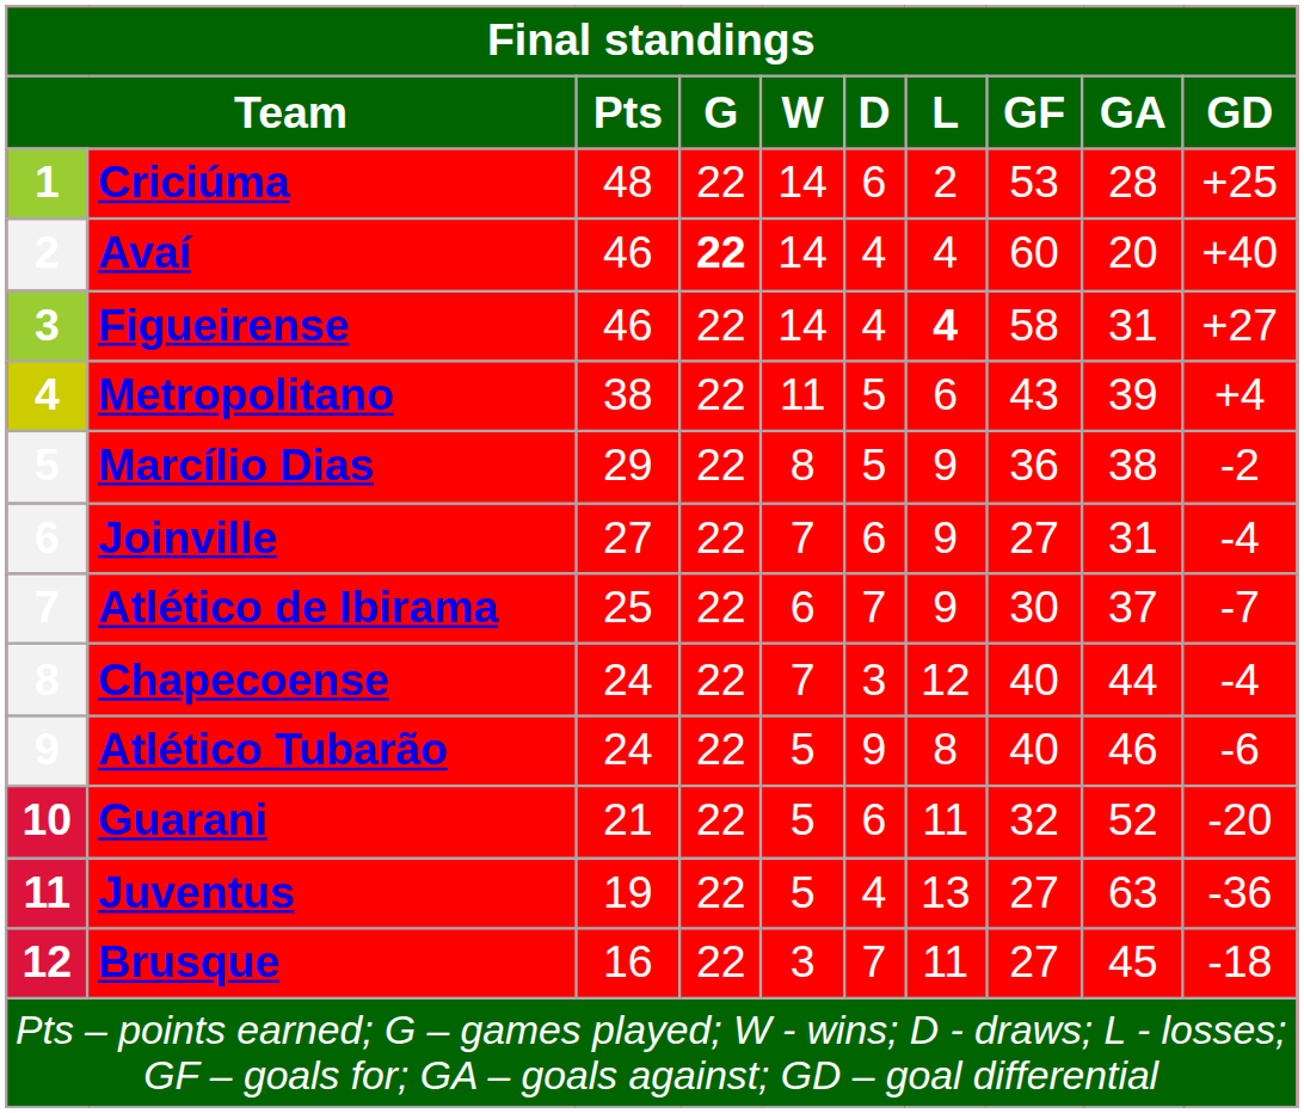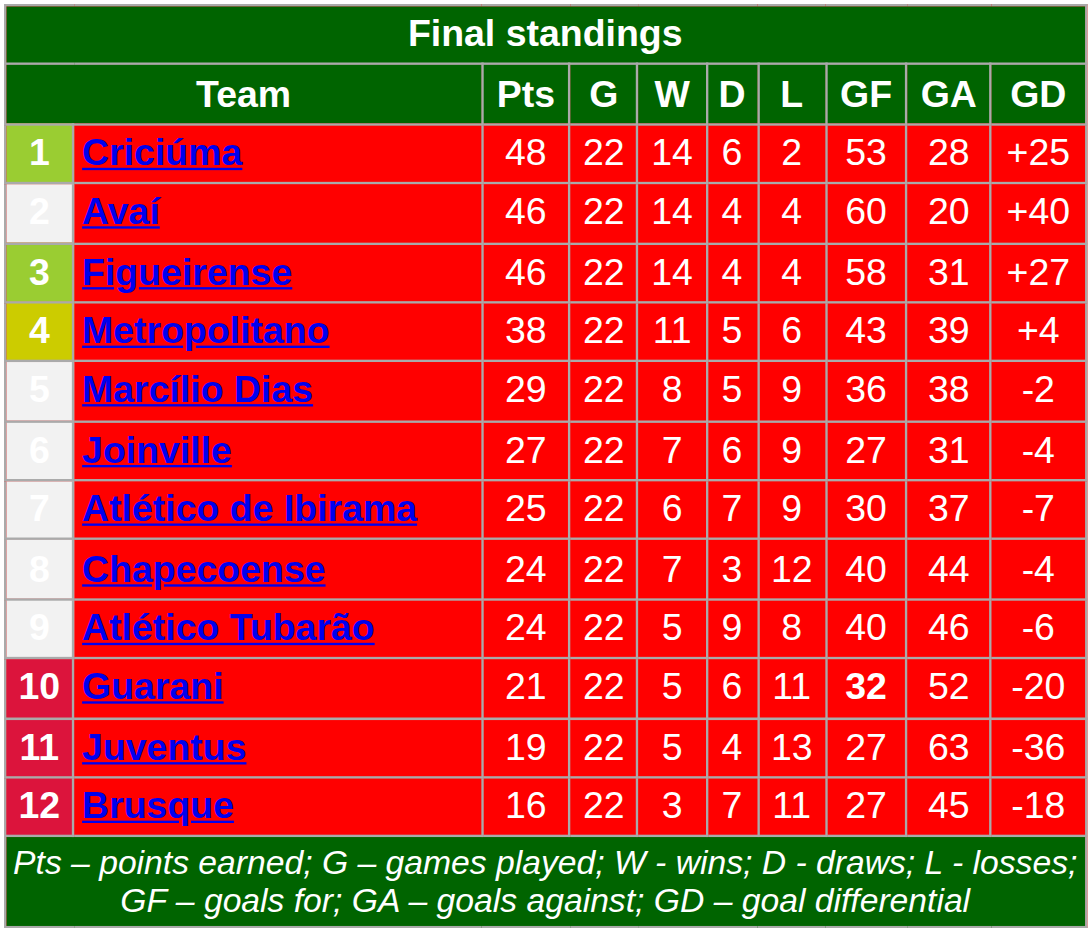 <table class="wikitable" style="text-align:center; color:#ffffff; background:#ff0000">
 <tr>
 <th style="background:#006400" colspan="10">Final standings</th>
 </tr>
 <tr>
 <th style="background:#006400" colspan="2">Team</th>
 <th style="background:#006400">Pts</th>
 <th style="background:#006400">G</th>
 <th style="background:#006400">W</th>
 <th style="background:#006400">D</th>
 <th style="background:#006400">L</th>
 <th style="background:#006400">GF</th>
 <th style="background:#006400">GA</th>
 <th style="background:#006400">GD</th>
 </tr>
 <tr>
 <th style="background:#9acd32">1</th>
 <td align=left><strong><a href='#'><span>Criciúma</span></a></strong></td>
 <td>48</td>
 <td>22</td>
 <td>14</td>
 <td>6</td>
 <td>2</td>
 <td>53</td>
 <td>28</td>
 <td>+25</td>
 </tr>
 <tr>
 <th>2</th>
 <td align=left><strong><a href='#'><span>Avaí</span></a></strong></td>
 <td>46</td>
-<td><strong>22</strong></td>
+<td>22</td>
 <td>14</td>
 <td>4</td>
 <td>4</td>
 <td>60</td>
 <td>20</td>
 <td>+40</td>
 </tr>
 <tr>
 <th style="background:#9acd32">3</th>
 <td align=left><strong><a href='#'><span>Figueirense</span></a></strong></td>
 <td>46</td>
 <td>22</td>
 <td>14</td>
 <td>4</td>
-<td><strong>4</strong></td>
+<td>4</td>
 <td>58</td>
 <td>31</td>
 <td>+27</td>
 </tr>
 <tr>
 <th style="background:#CCCC00">4</th>
 <td align=left><strong><a href='#'><span>Metropolitano</span></a></strong></td>
 <td>38</td>
 <td>22</td>
 <td>11</td>
 <td>5</td>
 <td>6</td>
 <td>43</td>
 <td>39</td>
 <td>+4</td>
 </tr>
 <tr>
 <th>5</th>
 <td align=left><strong><a href='#'><span>Marcílio Dias</span></a></strong></td>
 <td>29</td>
 <td>22</td>
 <td>8</td>
 <td>5</td>
 <td>9</td>
 <td>36</td>
 <td>38</td>
 <td>-2</td>
 </tr>
 <tr>
 <th>6</th>
 <td align=left><strong><a href='#'><span>Joinville</span></a></strong></td>
 <td>27</td>
 <td>22</td>
 <td>7</td>
 <td>6</td>
 <td>9</td>
 <td>27</td>
 <td>31</td>
 <td>-4</td>
 </tr>
 <tr>
 <th>7</th>
 <td align=left><strong><a href='#'><span>Atlético de Ibirama</span></a></strong></td>
 <td>25</td>
 <td>22</td>
 <td>6</td>
 <td>7</td>
 <td>9</td>
 <td>30</td>
 <td>37</td>
 <td>-7</td>
 </tr>
 <tr>
 <th>8</th>
 <td align=left><strong><a href='#'><span>Chapecoense</span></a></strong></td>
 <td>24</td>
 <td>22</td>
 <td>7</td>
 <td>3</td>
 <td>12</td>
 <td>40</td>
 <td>44</td>
 <td>-4</td>
 </tr>
 <tr>
 <th>9</th>
 <td align=left><strong><a href='#'><span>Atlético Tubarão</span></a></strong></td>
 <td>24</td>
 <td>22</td>
 <td>5</td>
 <td>9</td>
 <td>8</td>
 <td>40</td>
 <td>46</td>
 <td>-6</td>
 </tr>
 <tr>
 <th style="background:#DC143C">10</th>
 <td align=left><strong><a href='#'><span>Guarani</span></a></strong></td>
 <td>21</td>
 <td>22</td>
 <td>5</td>
 <td>6</td>
 <td>11</td>
-<td>32</td>
+<td><strong>32</strong></td>
 <td>52</td>
 <td>-20</td>
 </tr>
 <tr>
 </tr>
 <tr>
 <th style="background:#DC143C">11</th>
 <td align=left><strong><a href='#'><span>Juventus</span></a></strong></td>
 <td>19</td>
 <td>22</td>
 <td>5</td>
 <td>4</td>
 <td>13</td>
 <td>27</td>
 <td>63</td>
 <td>-36</td>
 </tr>
 <tr>
 <th style="background:#DC143C">12</th>
 <td align=left><strong><a href='#'><span>Brusque</span></a></strong></td>
 <td>16</td>
 <td>22</td>
 <td>3</td>
 <td>7</td>
 <td>11</td>
 <td>27</td>
 <td>45</td>
 <td>-18</td>
 </tr>
 <tr>
 <td colspan="10" style="background:#006400; font-size:90%; font-style:italic">Pts – points earned; G – games played; W - wins; D - draws; L - losses;<br>GF – goals for; GA – goals against; GD – goal differential</td>
 </tr>
 </table>
